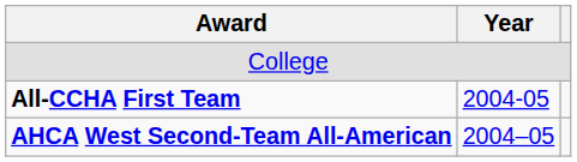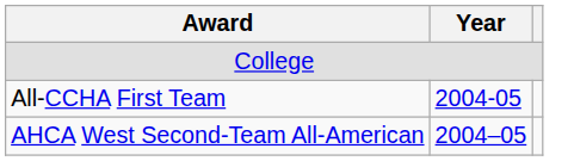 <table class="wikitable">
 <tr>
 <th>Award</th>
 <th>Year</th>
 <th></th>
 </tr>
 <tr ALIGN="center" bgcolor="#e0e0e0">
 <td colspan="3"><a href='#'>College</a></td>
 </tr>
 <tr>
-<td><strong>All-<a href='#'>CCHA</a> <a href='#'>First Team</a></strong></td>
+<td>All-<a href='#'>CCHA</a> <a href='#'>First Team</a></td>
 <td><a href='#'>2004-05</a></td>
 <td></td>
 </tr>
 <tr>
-<td><strong><a href='#'>AHCA</a> <a href='#'>West Second-Team All-American</a></strong></td>
+<td><a href='#'>AHCA</a> <a href='#'>West Second-Team All-American</a></td>
 <td><a href='#'>2004–05</a></td>
 <td></td>
 </tr>
 </table>
